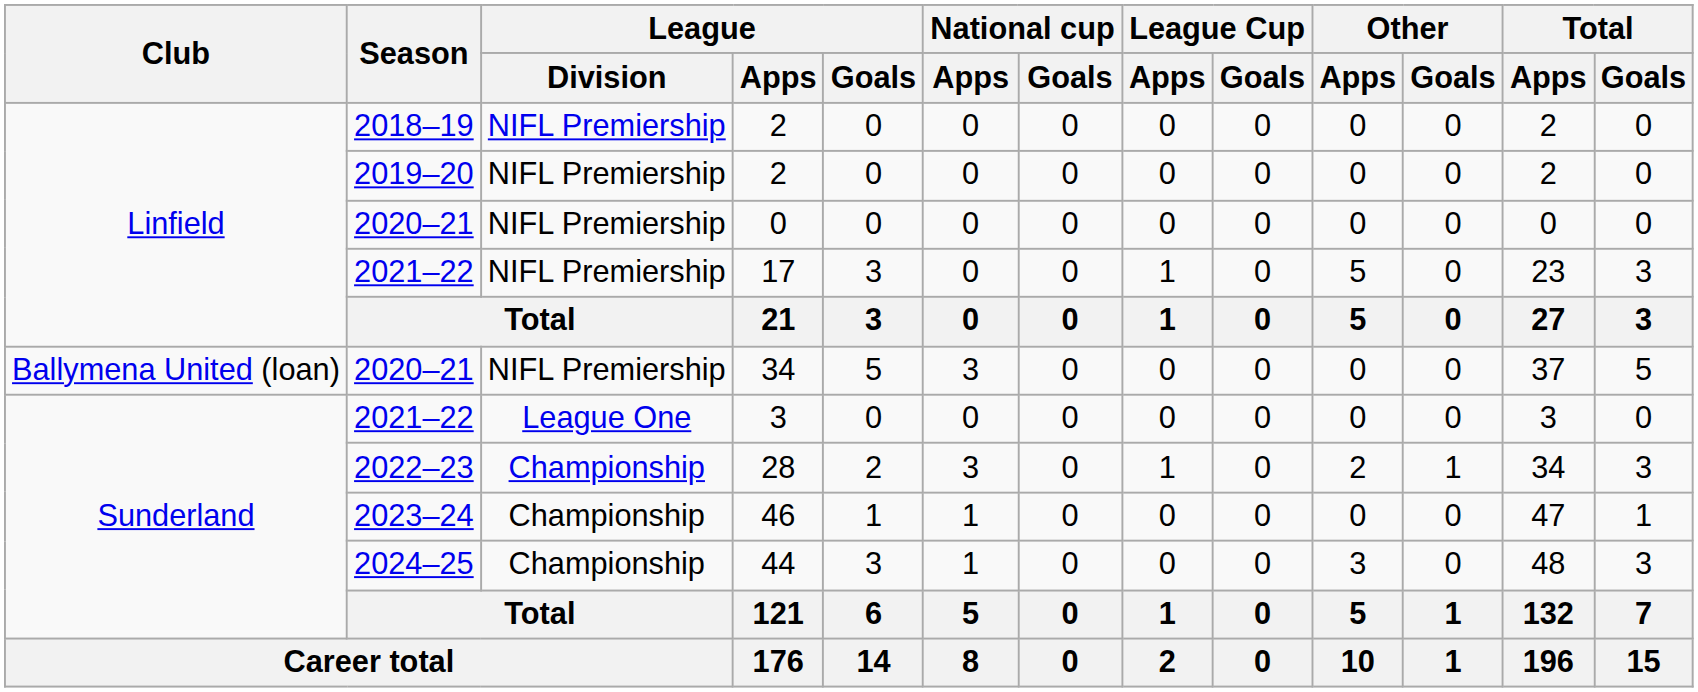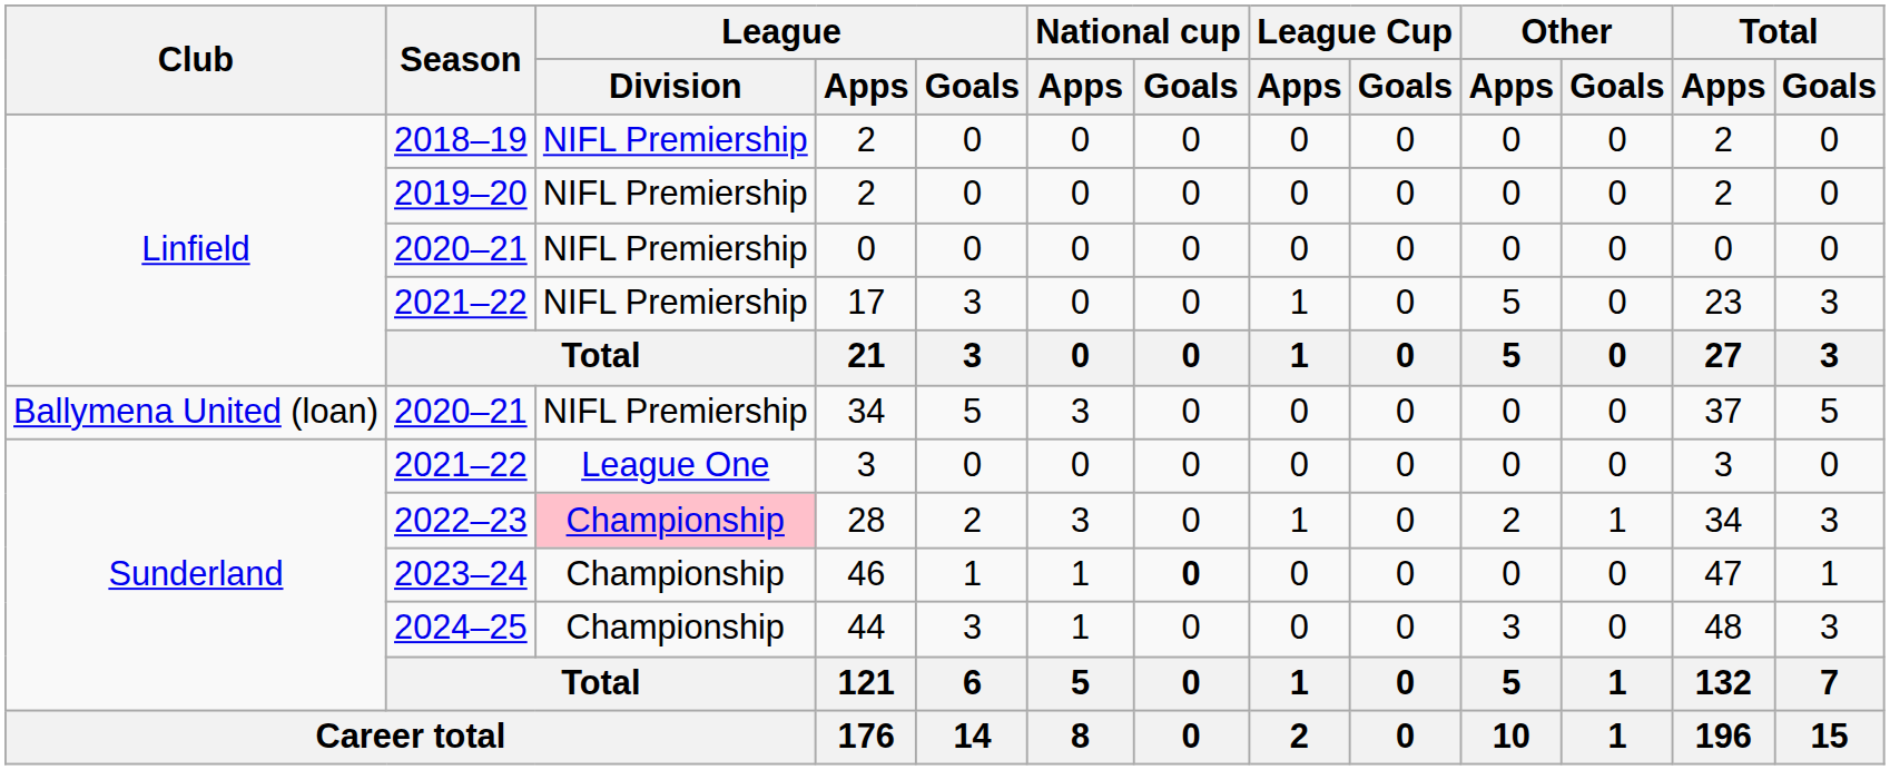 <table class="wikitable" style="text-align: center;">
 <tr>
 <th rowspan="2">Club</th>
 <th rowspan="2">Season</th>
 <th colspan="3">League</th>
 <th colspan="2">National cup</th>
 <th colspan="2">League Cup</th>
 <th colspan="2">Other</th>
 <th colspan="2">Total</th>
 </tr>
 <tr>
 <th>Division</th>
 <th>Apps</th>
 <th>Goals</th>
 <th>Apps</th>
 <th>Goals</th>
 <th>Apps</th>
 <th>Goals</th>
 <th>Apps</th>
 <th>Goals</th>
 <th>Apps</th>
 <th>Goals</th>
 </tr>
 <tr>
 <td rowspan=5><a href='#'>Linfield</a></td>
 <td><a href='#'>2018–19</a></td>
 <td><a href='#'>NIFL Premiership</a></td>
 <td>2</td>
 <td>0</td>
 <td>0</td>
 <td>0</td>
 <td>0</td>
 <td>0</td>
 <td>0</td>
 <td>0</td>
 <td>2</td>
 <td>0</td>
 </tr>
 <tr>
 <td><a href='#'>2019–20</a></td>
 <td>NIFL Premiership</td>
 <td>2</td>
 <td>0</td>
 <td>0</td>
 <td>0</td>
 <td>0</td>
 <td>0</td>
 <td>0</td>
 <td>0</td>
 <td>2</td>
 <td>0</td>
 </tr>
 <tr>
 <td><a href='#'>2020–21</a></td>
 <td>NIFL Premiership</td>
 <td>0</td>
 <td>0</td>
 <td>0</td>
 <td>0</td>
 <td>0</td>
 <td>0</td>
 <td>0</td>
 <td>0</td>
 <td>0</td>
 <td>0</td>
 </tr>
 <tr>
 <td><a href='#'>2021–22</a></td>
 <td>NIFL Premiership</td>
 <td>17</td>
 <td>3</td>
 <td>0</td>
 <td>0</td>
 <td>1</td>
 <td>0</td>
 <td>5</td>
 <td>0</td>
 <td>23</td>
 <td>3</td>
 </tr>
 <tr>
 <th colspan=2>Total</th>
 <th>21</th>
 <th>3</th>
 <th>0</th>
 <th>0</th>
 <th>1</th>
 <th>0</th>
 <th>5</th>
 <th>0</th>
 <th>27</th>
 <th>3</th>
 </tr>
 <tr>
 <td><a href='#'>Ballymena United</a> (loan)</td>
 <td><a href='#'>2020–21</a></td>
 <td>NIFL Premiership</td>
 <td>34</td>
 <td>5</td>
 <td>3</td>
 <td>0</td>
 <td>0</td>
 <td>0</td>
 <td>0</td>
 <td>0</td>
 <td>37</td>
 <td>5</td>
 </tr>
 <tr>
 <td rowspan="5"><a href='#'>Sunderland</a></td>
 <td><a href='#'>2021–22</a></td>
 <td><a href='#'>League One</a></td>
 <td>3</td>
 <td>0</td>
 <td>0</td>
 <td>0</td>
 <td>0</td>
 <td>0</td>
 <td>0</td>
 <td>0</td>
 <td>3</td>
 <td>0</td>
 </tr>
 <tr>
 <td><a href='#'>2022–23</a></td>
-<td><a href='#'>Championship</a></td>
+<td style="background: pink;"><a href='#'>Championship</a></td>
 <td>28</td>
 <td>2</td>
 <td>3</td>
 <td>0</td>
 <td>1</td>
 <td>0</td>
 <td>2</td>
 <td>1</td>
 <td>34</td>
 <td>3</td>
 </tr>
 <tr>
 <td><a href='#'>2023–24</a></td>
 <td>Championship</td>
 <td>46</td>
 <td>1</td>
 <td>1</td>
-<td>0</td>
+<td><strong>0</strong></td>
 <td>0</td>
 <td>0</td>
 <td>0</td>
 <td>0</td>
 <td>47</td>
 <td>1</td>
 </tr>
 <tr>
 <td><a href='#'>2024–25</a></td>
 <td>Championship</td>
 <td>44</td>
 <td>3</td>
 <td>1</td>
 <td>0</td>
 <td>0</td>
 <td>0</td>
 <td>3</td>
 <td>0</td>
 <td>48</td>
 <td>3</td>
 </tr>
 <tr>
 <th colspan=2>Total</th>
 <th>121</th>
 <th>6</th>
 <th>5</th>
 <th>0</th>
 <th>1</th>
 <th>0</th>
 <th>5</th>
 <th>1</th>
 <th>132</th>
 <th>7</th>
 </tr>
 <tr>
 <th colspan="3">Career total</th>
 <th>176</th>
 <th>14</th>
 <th>8</th>
 <th>0</th>
 <th>2</th>
 <th>0</th>
 <th>10</th>
 <th>1</th>
 <th>196</th>
 <th>15</th>
 </tr>
 </table>
